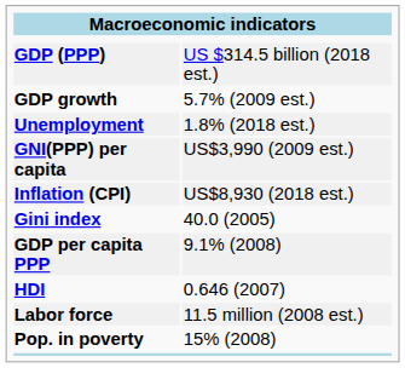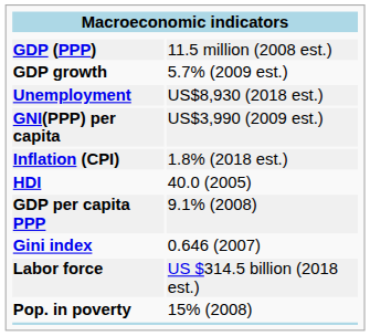 <table style="width: 22em; font-size: 85%; text-align: left;" class="infobox">
 <tr>
 <th align="center" bgcolor="lightblue" colspan="2">Macroeconomic indicators</th>
 </tr>
 <tr>
 <td colspan=2></td>
 </tr>
 <tr>
 <th style="background:#f0f0f0;" align="left" valign="top"><a href='#'>GDP</a> (<a href='#'>PPP</a>)</th>
-<td style="background:#f0f0f0;" valign="top"><a href='#'>US $</a>314.5 billion (2018 est.)</td>
+<td style="background:#f0f0f0;" valign="top">11.5 million (2008 est.)</td>
 </tr>
 <tr>
 <th align="left" valign="top">GDP growth</th>
 <td valign="top">5.7% (2009 est.)</td>
 </tr>
 <tr>
 <th style="background:#f0f0f0;" align="left" valign="top"><a href='#'>Unemployment</a></th>
-<td style="background:#f0f0f0;" valign="top">1.8% (2018 est.)</td>
+<td style="background:#f0f0f0;" valign="top">US$8,930 (2018 est.)</td>
 </tr>
 <tr>
 <th style="background:#f0f0f0;" align="left" valign="top"><a href='#'>GNI</a>(PPP) per capita</th>
 <td style="background:#f0f0f0;" valign="top">US$3,990 (2009 est.)</td>
 </tr>
 <tr>
 <th style="background:#f0f0f0;" align="left" valign="top"><a href='#'>Inflation</a> (CPI)</th>
-<td style="background:#f0f0f0;" valign="top">US$8,930 (2018 est.)</td>
+<td style="background:#f0f0f0;" valign="top">1.8% (2018 est.)</td>
 </tr>
 <tr>
-<th align="left" valign="top"><a href='#'>Gini index</a></th>
+<th align="left" valign="top"><a href='#'>HDI</a></th>
 <td valign="top">40.0 (2005)</td>
 </tr>
 <tr>
 <th style="background:#f0f0f0;" align="left" valign="top">GDP per capita <a href='#'>PPP</a></th>
 <td style="background:#f0f0f0;" valign="top">9.1% (2008)</td>
 </tr>
 <tr>
-<th align="left" valign="top"><a href='#'>HDI</a></th>
+<th align="left" valign="top"><a href='#'>Gini index</a></th>
 <td valign="top"> 0.646 (2007)</td>
 </tr>
 <tr>
 <th style="background:#f0f0f0;" align="left" valign="top">Labor force</th>
-<td style="background:#f0f0f0;" valign="top">11.5 million (2008 est.)</td>
+<td style="background:#f0f0f0;" valign="top"><a href='#'>US $</a>314.5 billion (2018 est.)</td>
 </tr>
 <tr>
 <th align="left" valign="top">Pop. in poverty</th>
 <td valign="top">15% (2008)</td>
 </tr>
 <tr>
 <td align="center" bgcolor="lightblue" colspan="2"></td>
 </tr>
 </table>
